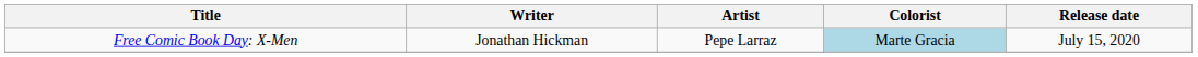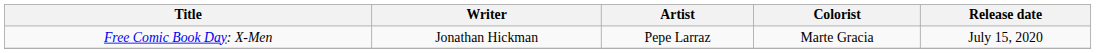 <table class="wikitable" style="text-align:center; width:100%">
 <tr>
 <th scope="col">Title</th>
 <th scope="col">Writer</th>
 <th scope="col">Artist</th>
 <th scope="col">Colorist</th>
 <th scope="col">Release date</th>
 </tr>
 <tr>
 <td><em><a href='#'>Free Comic Book Day</a>: X-Men</em></td>
 <td>Jonathan Hickman</td>
 <td>Pepe Larraz</td>
-<td style="background: lightblue;">Marte Gracia</td>
+<td>Marte Gracia</td>
 <td>July 15, 2020</td>
 </tr>
 <tr>
 </tr>
 </table>
